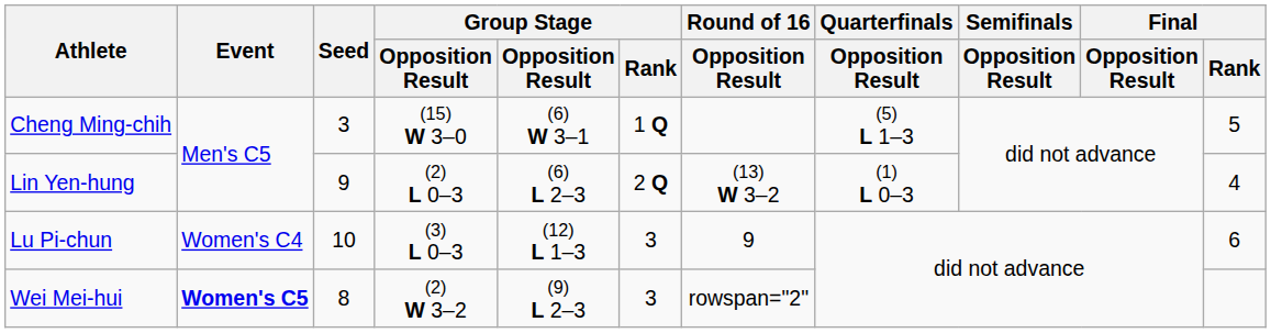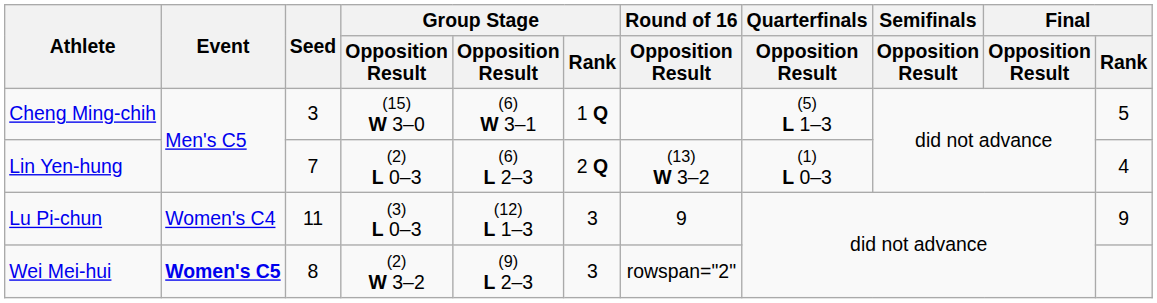 <table class=wikitable style="font-size:90%">
 <tr>
 <th rowspan="2">Athlete</th>
 <th rowspan="2">Event</th>
 <th rowspan="2">Seed</th>
 <th colspan="3">Group Stage</th>
 <th>Round of 16</th>
 <th>Quarterfinals</th>
 <th>Semifinals</th>
 <th colspan="2">Final</th>
 </tr>
 <tr>
 <th>Opposition<br>Result</th>
 <th>Opposition<br>Result</th>
 <th>Rank</th>
 <th>Opposition<br>Result</th>
 <th>Opposition<br>Result</th>
 <th>Opposition<br>Result</th>
 <th>Opposition<br>Result</th>
 <th>Rank</th>
 </tr>
 <tr align=center>
 <td align=left><a href='#'>Cheng Ming-chih</a></td>
 <td align=left rowspan="2"><a href='#'>Men's C5</a></td>
 <td>3</td>
 <td> <small>(15)</small><br><strong>W</strong> 3–0</td>
 <td> <small>(6)</small><br><strong>W</strong> 3–1</td>
 <td>1 <strong>Q</strong></td>
 <td></td>
 <td> <small>(5)</small><br><strong>L</strong> 1–3</td>
 <td rowspan="2" colspan="2">did not advance</td>
 <td>5</td>
 </tr>
 <tr align=center>
 <td align=left><a href='#'>Lin Yen-hung</a></td>
-<td>9</td>
+<td>7</td>
 <td> <small>(2)</small><br><strong>L</strong> 0–3</td>
 <td> <small>(6)</small><br><strong>L</strong> 2–3</td>
 <td>2 <strong>Q</strong></td>
 <td> <small>(13)</small><br><strong>W</strong> 3–2</td>
 <td> <small>(1)</small><br><strong>L</strong> 0–3</td>
 <td>4</td>
 </tr>
 <tr align=center>
 <td align=left><a href='#'>Lu Pi-chun</a></td>
 <td align=left><a href='#'>Women's C4</a></td>
-<td>10</td>
+<td>11</td>
 <td> <small>(3)</small><br><strong>L</strong> 0–3</td>
 <td> <small>(12)</small><br><strong>L</strong> 1–3</td>
 <td>3</td>
 <td>9</td>
 <td rowspan="2" colspan="3">did not advance</td>
-<td>6</td>
+<td>9</td>
 </tr>
 <tr align=center>
 <td align=left><a href='#'>Wei Mei-hui</a></td>
 <td align=left><strong><a href='#'>Women's C5</a></strong></td>
 <td>8</td>
 <td> <small>(2)</small><br><strong>W</strong> 3–2</td>
 <td> <small>(9)</small><br><strong>L</strong> 2–3</td>
 <td>3</td>
 <td>rowspan="2" </td>
 </tr>
 </table>
